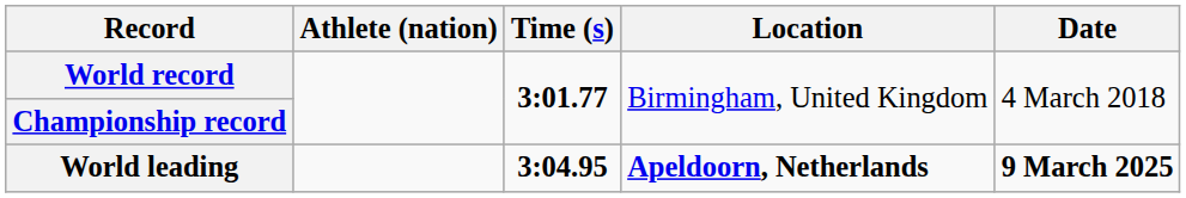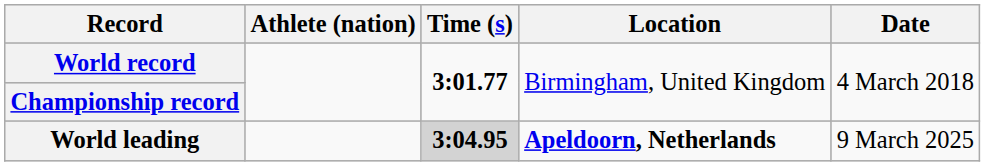 <table class="wikitable">
 <tr>
 <th scope="col">Record</th>
 <th scope="col">Athlete (nation)</th>
 <th scope="col">Time (<a href='#'>s</a>)</th>
 <th scope="col">Location</th>
 <th scope="col">Date</th>
 </tr>
 <tr>
 <th scope="row"><a href='#'>World record</a></th>
 <td rowspan="2"></td>
 <td rowspan="2" align="center"><strong>3:01.77</strong></td>
 <td rowspan="2"><a href='#'>Birmingham</a>, United Kingdom</td>
 <td rowspan="2">4 March 2018</td>
 </tr>
 <tr>
 <th scope="row"><a href='#'>Championship record</a></th>
 </tr>
 <tr>
 <th scope="row">World leading</th>
 <td></td>
-<td align="center"><strong>3:04.95</strong></td>
+<td align="center" style="background: lightgrey;"><strong>3:04.95</strong></td>
 <td><strong><a href='#'>Apeldoorn</a>, Netherlands</strong></td>
-<td><strong>9 March 2025</strong></td>
+<td>9 March 2025</td>
 </tr>
 </table>
